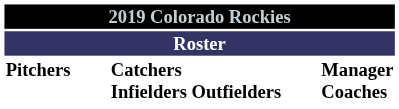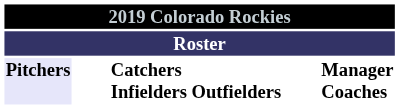 <table class="toccolours" style="font-size: 95%;">
 <tr>
 <th colspan="10" style="background-color: #000000; color: #C4CED4; text-align: center;">2019 Colorado Rockies</th>
 </tr>
 <tr>
 <td colspan="10" style="background-color: #333366; color: #FFFFFF; text-align: center;"><strong>Roster</strong></td>
 </tr>
 <tr>
-<td valign="top"><strong>Pitchers</strong><br>                            </td>
+<td valign="top" style="background: lavender;"><strong>Pitchers</strong><br>                            </td>
 <td width="25px"></td>
 <td valign="top"><strong>Catchers</strong><br>    <strong>Infielders</strong>           <strong>Outfielders</strong>       </td>
 <td width="25px"></td>
 <td valign="top"><strong>Manager</strong><br> <strong>Coaches</strong>                  </td>
 </tr>
 <tr>
 </tr>
 </table>
